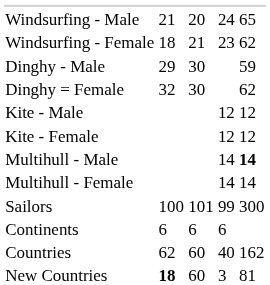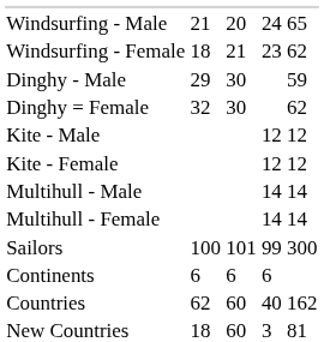 <table>
 <tr>
 </tr>
 <tr>
 </tr>
 <tr>
 </tr>
 <tr>
 </tr>
 <tr>
 </tr>
 <tr>
 </tr>
 <tr>
 </tr>
 <tr>
 </tr>
 <tr>
 </tr>
 <tr>
 </tr>
 <tr>
 </tr>
 <tr>
 </tr>
 <tr>
 </tr>
 <tr>
 </tr>
 <tr>
 </tr>
 <tr>
 </tr>
 <tr>
 </tr>
 <tr>
 </tr>
 <tr>
 </tr>
 <tr>
 </tr>
 <tr>
 </tr>
 <tr>
 </tr>
 <tr>
 </tr>
 <tr>
 </tr>
 <tr>
 </tr>
 <tr>
 </tr>
 <tr>
 </tr>
 <tr>
 </tr>
 <tr>
 </tr>
 <tr>
 </tr>
 <tr>
 </tr>
 <tr>
 </tr>
 <tr>
 </tr>
 <tr>
 </tr>
 <tr>
 </tr>
 <tr>
 </tr>
 <tr>
 </tr>
 <tr>
 </tr>
 <tr>
 </tr>
 <tr>
 </tr>
 <tr>
 </tr>
 <tr>
 </tr>
 <tr>
 </tr>
 <tr>
 </tr>
 <tr>
 </tr>
 <tr>
 </tr>
 <tr>
 </tr>
 <tr>
 </tr>
 <tr>
 </tr>
 <tr>
 </tr>
 <tr>
 </tr>
 <tr>
 </tr>
 <tr>
 </tr>
 <tr>
 </tr>
 <tr>
 </tr>
 <tr>
 </tr>
 <tr>
 </tr>
 <tr>
 </tr>
 <tr>
 </tr>
 <tr>
 </tr>
 <tr>
 </tr>
 <tr>
 </tr>
 <tr>
 </tr>
 <tr>
 </tr>
 <tr>
 </tr>
 <tr>
 </tr>
 <tr>
 </tr>
 <tr>
 </tr>
 <tr>
 </tr>
 <tr>
 </tr>
 <tr>
 </tr>
 <tr>
 </tr>
 <tr>
 </tr>
 <tr>
 </tr>
 <tr>
 </tr>
 <tr>
 </tr>
 <tr>
 </tr>
 <tr>
 </tr>
 <tr>
 </tr>
 <tr>
 </tr>
 <tr>
 </tr>
 <tr>
 <td colspan=30 bgcolor=lightgray></td>
 </tr>
 <tr>
 <td align=left>Windsurfing - Male</td>
 <td>21</td>
 <td>20</td>
 <td>24</td>
 <td>65</td>
 </tr>
 <tr>
 <td align=left>Windsurfing - Female</td>
 <td>18</td>
 <td>21</td>
 <td>23</td>
 <td>62</td>
 </tr>
 <tr>
 <td align=left>Dinghy - Male</td>
 <td>29</td>
 <td>30</td>
 <td></td>
 <td>59</td>
 </tr>
 <tr>
 <td align=left>Dinghy = Female</td>
 <td>32</td>
 <td>30</td>
 <td></td>
 <td>62</td>
 </tr>
 <tr>
 <td align=left>Kite - Male</td>
 <td></td>
 <td></td>
 <td>12</td>
 <td>12</td>
 </tr>
 <tr>
 <td align=left>Kite - Female</td>
 <td></td>
 <td></td>
 <td>12</td>
 <td>12</td>
 </tr>
 <tr>
 <td align=left>Multihull - Male</td>
 <td></td>
 <td></td>
 <td>14</td>
-<td><strong>14</strong></td>
+<td>14</td>
 </tr>
 <tr>
 <td align=left>Multihull - Female</td>
 <td></td>
 <td></td>
 <td>14</td>
 <td>14</td>
 </tr>
 <tr>
 <td align=left>Sailors</td>
 <td>100</td>
 <td>101</td>
 <td>99</td>
 <td>300</td>
 </tr>
 <tr>
 <td align=left>Continents</td>
 <td>6</td>
 <td>6</td>
 <td>6</td>
 <td></td>
 </tr>
 <tr>
 <td align=left>Countries</td>
 <td>62</td>
 <td>60</td>
 <td>40</td>
 <td>162</td>
 </tr>
 <tr>
 <td align=left>New Countries</td>
-<td><strong>18</strong></td>
+<td>18</td>
 <td>60</td>
 <td>3</td>
 <td>81</td>
 </tr>
 <tr>
 </tr>
 </table>
